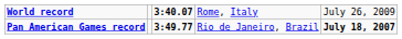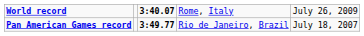 <table class="wikitable">
 <tr>
 <td><strong><a href='#'>World record</a></strong></td>
 <td></td>
 <td><strong>3:40.07</strong></td>
 <td><a href='#'>Rome</a>, <a href='#'>Italy</a></td>
 <td>July 26, 2009</td>
 </tr>
 <tr>
 <td><strong><a href='#'>Pan American Games record</a></strong></td>
 <td></td>
 <td><strong>3:49.77</strong></td>
 <td><a href='#'>Rio de Janeiro</a>, <a href='#'>Brazil</a></td>
-<td><strong>July 18, 2007</strong></td>
+<td>July 18, 2007</td>
 </tr>
 </table>
